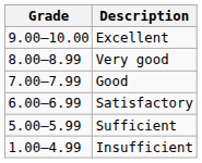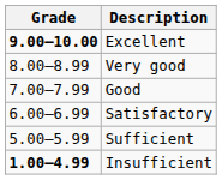 <table class="wikitable">
 <tr>
 <th>Grade</th>
 <th>Description</th>
 </tr>
 <tr>
-<td>9.00–10.00</td>
+<td><strong>9.00–10.00</strong></td>
 <td>Excellent</td>
 </tr>
 <tr>
 <td>8.00–8.99</td>
 <td>Very good</td>
 </tr>
 <tr>
 <td>7.00–7.99</td>
 <td>Good</td>
 </tr>
 <tr>
 <td>6.00–6.99</td>
 <td>Satisfactory</td>
 </tr>
 <tr>
 <td>5.00–5.99</td>
 <td>Sufficient</td>
 </tr>
 <tr>
-<td>1.00–4.99</td>
+<td><strong>1.00–4.99</strong></td>
 <td>Insufficient</td>
 </tr>
 </table>
